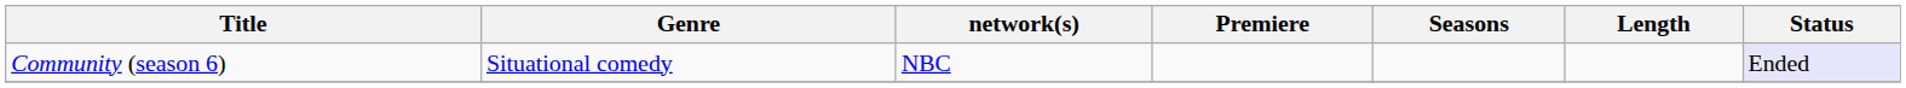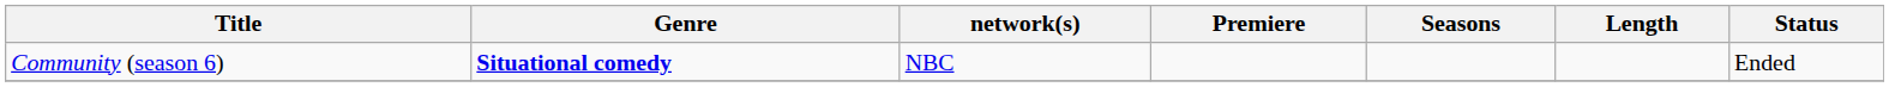 <table class="wikitable sortable" style="width:100%;">
 <tr>
 <th>Title</th>
 <th>Genre</th>
 <th> network(s)</th>
 <th>Premiere</th>
 <th>Seasons</th>
 <th>Length</th>
 <th>Status</th>
 </tr>
 <tr>
 <td><em><a href='#'>Community</a></em> (<a href='#'>season 6</a>)</td>
-<td><a href='#'>Situational comedy</a></td>
+<td><strong><a href='#'>Situational comedy</a></strong></td>
 <td><a href='#'>NBC</a></td>
 <td></td>
 <td></td>
 <td></td>
-<td style="background: lavender;">Ended</td>
+<td>Ended</td>
 </tr>
 <tr>
 </tr>
 </table>
